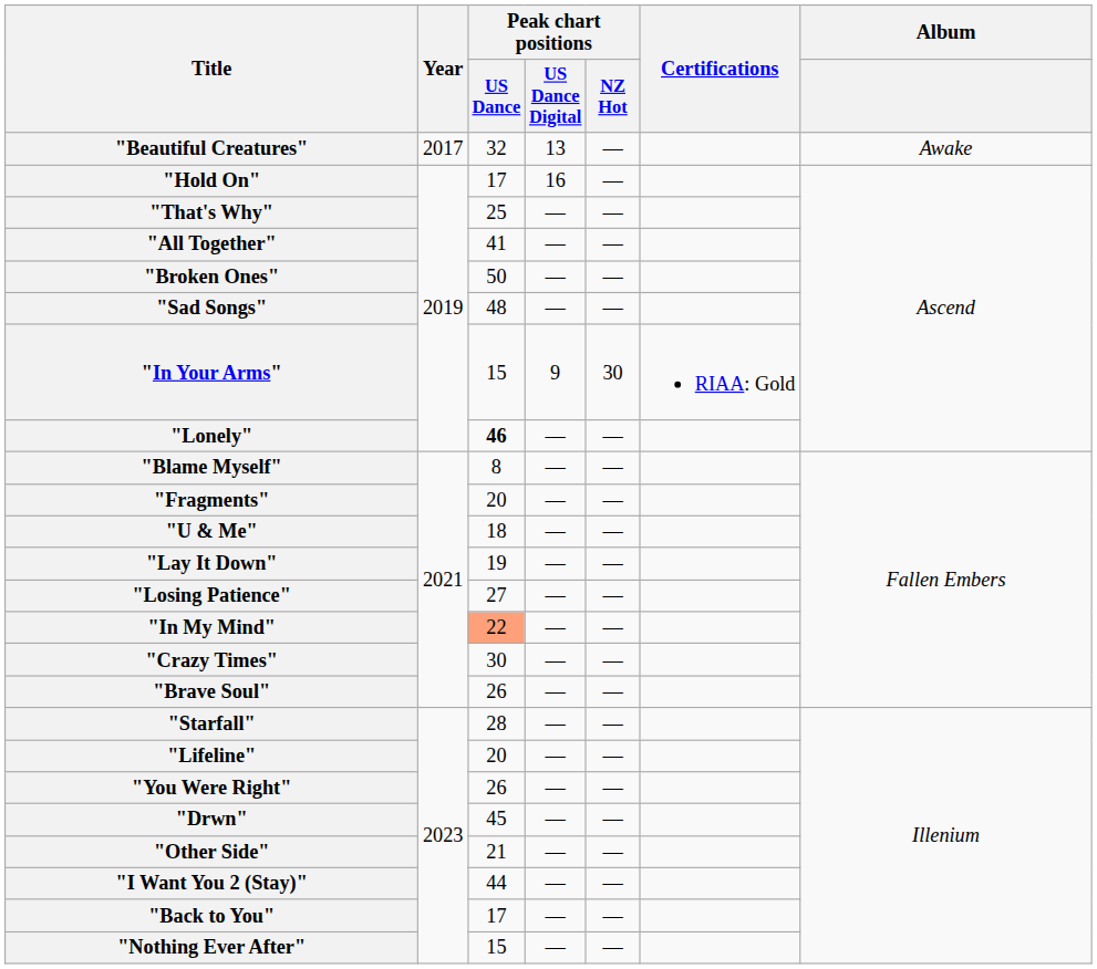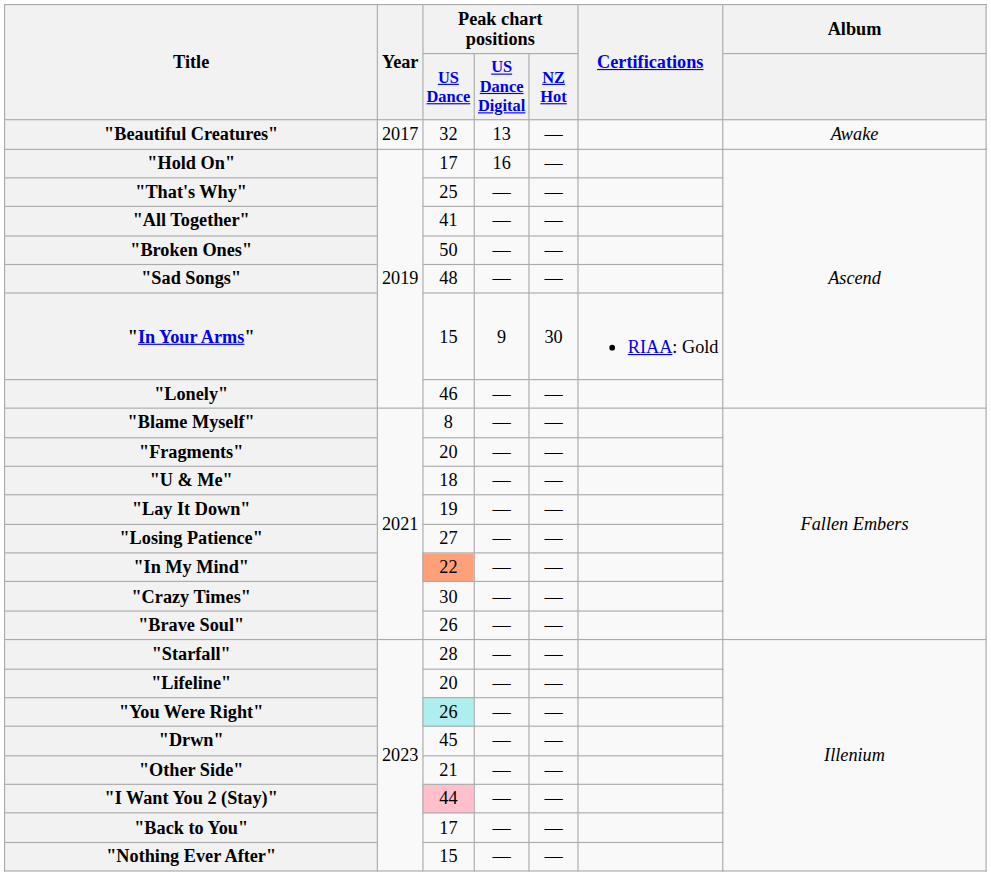 <table class="wikitable plainrowheaders" style="text-align:center;">
 <tr>
 <th scope="col" rowspan="2" style="width:20em;">Title</th>
 <th scope="col" rowspan="2" style="width:1em;">Year</th>
 <th scope="col" colspan="3">Peak chart positions</th>
 <th rowspan="2"><a href='#'>Certifications</a></th>
 <th scope="col" style="width:14em;">Album</th>
 </tr>
 <tr>
 <th scope="col" style="width:2.5em;font-size:90%;"><a href='#'>US<br>Dance</a><br></th>
 <th scope="col" style="width:2.5em;font-size:90%;"><a href='#'>US<br>Dance Digital</a><br></th>
 <th scope="col" style="width:2.5em;font-size:90%;"><a href='#'>NZ<br>Hot</a><br></th>
 <th></th>
 </tr>
 <tr>
 <th scope="row">"Beautiful Creatures"<br></th>
 <td>2017</td>
 <td>32</td>
 <td>13</td>
 <td>—</td>
 <td></td>
 <td><em>Awake</em></td>
 </tr>
 <tr>
 <th scope="row">"Hold On"<br></th>
 <td rowspan="7">2019</td>
 <td>17</td>
 <td>16</td>
 <td>—</td>
 <td></td>
 <td rowspan="7"><em>Ascend</em></td>
 </tr>
 <tr>
 <th scope="row">"That's Why"<br></th>
 <td>25</td>
 <td>—</td>
 <td>—</td>
 <td></td>
 </tr>
 <tr>
 <th scope="row">"All Together"<br></th>
 <td>41</td>
 <td>—</td>
 <td>—</td>
 <td></td>
 </tr>
 <tr>
 <th scope="row">"Broken Ones"<br></th>
 <td>50</td>
 <td>—</td>
 <td>—</td>
 <td></td>
 </tr>
 <tr>
 <th scope="row">"Sad Songs"<br></th>
 <td>48</td>
 <td>—</td>
 <td>—</td>
 <td></td>
 </tr>
 <tr>
 <th scope="row">"<a href='#'>In Your Arms</a>"<br></th>
 <td>15</td>
 <td>9</td>
 <td>30</td>
 <td><br><ul><li><a href='#'>RIAA</a>: Gold</li></ul></td>
 </tr>
 <tr>
 <th scope="row">"Lonely"<br></th>
-<td><strong>46</strong></td>
+<td>46</td>
 <td>—</td>
 <td>—</td>
 <td></td>
 </tr>
 <tr>
 <th scope="row">"Blame Myself"<br></th>
 <td rowspan="8">2021</td>
 <td>8</td>
 <td>—</td>
 <td>—</td>
 <td></td>
 <td rowspan="8"><em>Fallen Embers</em></td>
 </tr>
 <tr>
 <th scope="row">"Fragments"<br></th>
 <td>20</td>
 <td>—</td>
 <td>—</td>
 <td></td>
 </tr>
 <tr>
 <th scope="row">"U & Me"<br></th>
 <td>18</td>
 <td>—</td>
 <td>—</td>
 <td></td>
 </tr>
 <tr>
 <th scope="row">"Lay It Down"<br></th>
 <td>19</td>
 <td>—</td>
 <td>—</td>
 <td></td>
 </tr>
 <tr>
 <th scope="row">"Losing Patience"<br></th>
 <td>27</td>
 <td>—</td>
 <td>—</td>
 <td></td>
 </tr>
 <tr>
 <th scope="row">"In My Mind"<br></th>
 <td style="background: lightsalmon;">22</td>
 <td>—</td>
 <td>—</td>
 <td></td>
 </tr>
 <tr>
 <th scope="row">"Crazy Times"<br></th>
 <td>30</td>
 <td>—</td>
 <td>—</td>
 <td></td>
 </tr>
 <tr>
 <th scope="row">"Brave Soul"<br></th>
 <td>26</td>
 <td>—</td>
 <td>—</td>
 <td></td>
 </tr>
 <tr>
 <th scope="row">"Starfall"</th>
 <td rowspan="8">2023</td>
 <td>28</td>
 <td>—</td>
 <td>—</td>
 <td></td>
 <td rowspan="8"><em>Illenium</em></td>
 </tr>
 <tr>
 <th scope="row">"Lifeline"<br></th>
 <td>20</td>
 <td>—</td>
 <td>—</td>
 <td></td>
 </tr>
 <tr>
 <th scope="row">"You Were Right"<br></th>
-<td>26</td>
+<td style="background: paleturquoise;">26</td>
 <td>—</td>
 <td>—</td>
 <td></td>
 </tr>
 <tr>
 <th scope="row">"Drwn"</th>
 <td>45</td>
 <td>—</td>
 <td>—</td>
 <td></td>
 </tr>
 <tr>
 <th scope="row">"Other Side"<br></th>
 <td>21</td>
 <td>—</td>
 <td>—</td>
 <td></td>
 </tr>
 <tr>
 <th scope="row">"I Want You 2 (Stay)"</th>
-<td>44</td>
+<td style="background: pink;">44</td>
 <td>—</td>
 <td>—</td>
 <td></td>
 </tr>
 <tr>
 <th scope="row">"Back to You"<br></th>
 <td>17</td>
 <td>—</td>
 <td>—</td>
 <td></td>
 </tr>
 <tr>
 <th scope="row">"Nothing Ever After"<br></th>
 <td>15</td>
 <td>—</td>
 <td>—</td>
 <td></td>
 </tr>
 </table>
